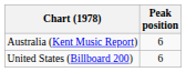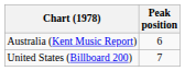 <table class="wikitable">
 <tr>
 <th scope="col">Chart (1978)</th>
 <th>Peak<br>position</th>
 </tr>
 <tr>
 <td>Australia (<a href='#'>Kent Music Report</a>)</td>
 <td style="text-align:center;">6</td>
 </tr>
 <tr>
 <td>United States (<a href='#'>Billboard 200</a>)</td>
-<td style="text-align:center;">6</td>
+<td style="text-align:center;">7</td>
 </tr>
 </table>
